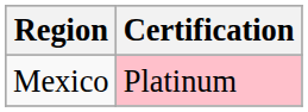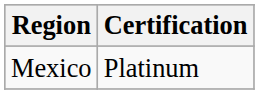 <table class="wikitable">
 <tr>
 <th>Region</th>
 <th>Certification</th>
 </tr>
 <tr>
 <td>Mexico</td>
-<td style="background: pink;">Platinum</td>
+<td>Platinum</td>
 </tr>
 </table>
